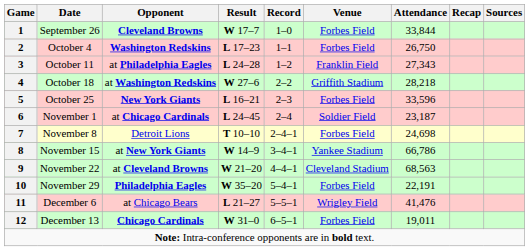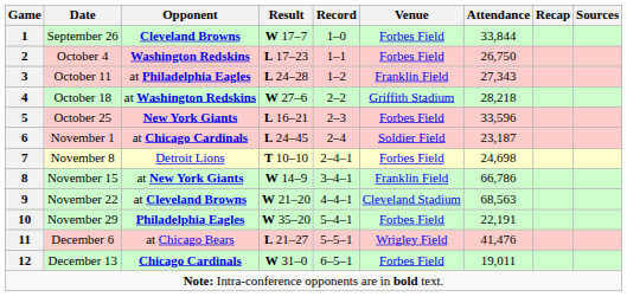 <table class="wikitable" style="text-align:center">
 <tr>
 <th>Game</th>
 <th>Date</th>
 <th>Opponent</th>
 <th>Result</th>
 <th>Record</th>
 <th>Venue</th>
 <th>Attendance</th>
 <th>Recap</th>
 <th>Sources</th>
 </tr>
 <tr style="background:#cfc">
 <th>1</th>
 <td>September 26</td>
 <td><strong><a href='#'>Cleveland Browns</a></strong></td>
 <td><strong>W</strong> 17–7</td>
 <td>1–0</td>
 <td><a href='#'>Forbes Field</a></td>
 <td>33,844</td>
 <td></td>
 <td></td>
 </tr>
 <tr style="background:#fcc">
 <th>2</th>
 <td>October 4</td>
 <td><strong><a href='#'>Washington Redskins</a></strong></td>
 <td><strong>L</strong> 17–23</td>
 <td>1–1</td>
 <td><a href='#'>Forbes Field</a></td>
 <td>26,750</td>
 <td></td>
 <td></td>
 </tr>
 <tr style="background:#fcc">
 <th>3</th>
 <td>October 11</td>
 <td>at <strong><a href='#'>Philadelphia Eagles</a></strong></td>
 <td><strong>L</strong> 24–28</td>
 <td>1–2</td>
 <td><a href='#'>Franklin Field</a></td>
 <td>27,343</td>
 <td></td>
 <td></td>
 </tr>
 <tr style="background:#cfc">
 <th>4</th>
 <td>October 18</td>
 <td>at <strong><a href='#'>Washington Redskins</a></strong></td>
 <td><strong>W</strong> 27–6</td>
 <td>2–2</td>
 <td><a href='#'>Griffith Stadium</a></td>
 <td>28,218</td>
 <td></td>
 <td></td>
 </tr>
 <tr style="background:#fcc">
 <th>5</th>
 <td>October 25</td>
 <td><strong><a href='#'>New York Giants</a></strong></td>
 <td><strong>L</strong> 16–21</td>
 <td>2–3</td>
 <td><a href='#'>Forbes Field</a></td>
 <td>33,596</td>
 <td></td>
 <td></td>
 </tr>
 <tr style="background:#fcc">
 <th>6</th>
 <td>November 1</td>
 <td>at <strong><a href='#'>Chicago Cardinals</a></strong></td>
 <td><strong>L</strong> 24–45</td>
 <td>2–4</td>
 <td><a href='#'>Soldier Field</a></td>
 <td>23,187</td>
 <td></td>
 <td></td>
 </tr>
 <tr style="background:#ffc">
 <th>7</th>
 <td>November 8</td>
 <td><a href='#'>Detroit Lions</a></td>
 <td><strong>T</strong> 10–10</td>
 <td>2–4–1</td>
 <td><a href='#'>Forbes Field</a></td>
 <td>24,698</td>
 <td></td>
 <td></td>
 </tr>
 <tr style="background:#cfc">
 <th>8</th>
 <td>November 15</td>
 <td>at <strong><a href='#'>New York Giants</a></strong></td>
 <td><strong>W</strong> 14–9</td>
 <td>3–4–1</td>
-<td><a href='#'>Yankee Stadium</a></td>
+<td><a href='#'>Franklin Field</a></td>
 <td>66,786</td>
 <td></td>
 <td></td>
 </tr>
 <tr style="background:#cfc">
 <th>9</th>
 <td>November 22</td>
 <td>at <strong><a href='#'>Cleveland Browns</a></strong></td>
 <td><strong>W</strong> 21–20</td>
 <td>4–4–1</td>
 <td><a href='#'>Cleveland Stadium</a></td>
 <td>68,563</td>
 <td></td>
 <td></td>
 </tr>
 <tr style="background:#cfc">
 <th>10</th>
 <td>November 29</td>
 <td><strong><a href='#'>Philadelphia Eagles</a></strong></td>
 <td><strong>W</strong> 35–20</td>
 <td>5–4–1</td>
 <td><a href='#'>Forbes Field</a></td>
 <td>22,191</td>
 <td></td>
 <td></td>
 </tr>
 <tr style="background:#fcc">
 <th>11</th>
 <td>December 6</td>
 <td>at <a href='#'>Chicago Bears</a></td>
 <td><strong>L</strong> 21–27</td>
 <td>5–5–1</td>
 <td><a href='#'>Wrigley Field</a></td>
 <td>41,476</td>
 <td></td>
 <td></td>
 </tr>
 <tr style="background:#cfc">
 <th>12</th>
 <td>December 13</td>
 <td><strong><a href='#'>Chicago Cardinals</a></strong></td>
 <td><strong>W</strong> 31–0</td>
 <td>6–5–1</td>
 <td><a href='#'>Forbes Field</a></td>
 <td>19,011</td>
 <td></td>
 <td></td>
 </tr>
 <tr>
 <td colspan="10"><strong>Note:</strong> Intra-conference opponents are in <strong>bold</strong> text.</td>
 </tr>
 </table>
